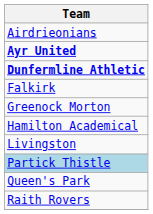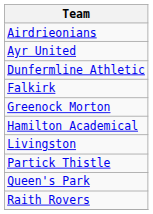 <table class="wikitable sortable">
 <tr>
 <th>Team</th>
 </tr>
 <tr>
 <td><a href='#'>Airdrieonians</a></td>
 </tr>
 <tr>
-<td><strong><a href='#'>Ayr United</a></strong></td>
+<td><a href='#'>Ayr United</a></td>
 </tr>
 <tr>
-<td><strong><a href='#'>Dunfermline Athletic</a></strong></td>
+<td><a href='#'>Dunfermline Athletic</a></td>
 </tr>
 <tr>
 <td><a href='#'>Falkirk</a></td>
 </tr>
 <tr>
 <td><a href='#'>Greenock Morton</a></td>
 </tr>
 <tr>
 <td><a href='#'>Hamilton Academical</a></td>
 </tr>
 <tr>
 <td><a href='#'>Livingston</a></td>
 </tr>
 <tr>
-<td style="background: lightblue;"><a href='#'>Partick Thistle</a></td>
+<td><a href='#'>Partick Thistle</a></td>
 </tr>
 <tr>
 <td><a href='#'>Queen's Park</a></td>
 </tr>
 <tr>
 <td><a href='#'>Raith Rovers</a></td>
 </tr>
 <tr>
 </tr>
 </table>
